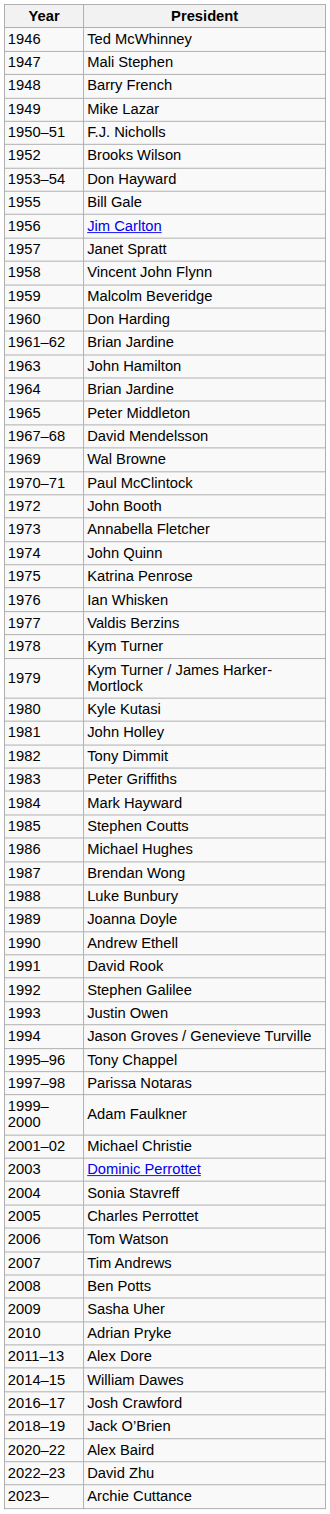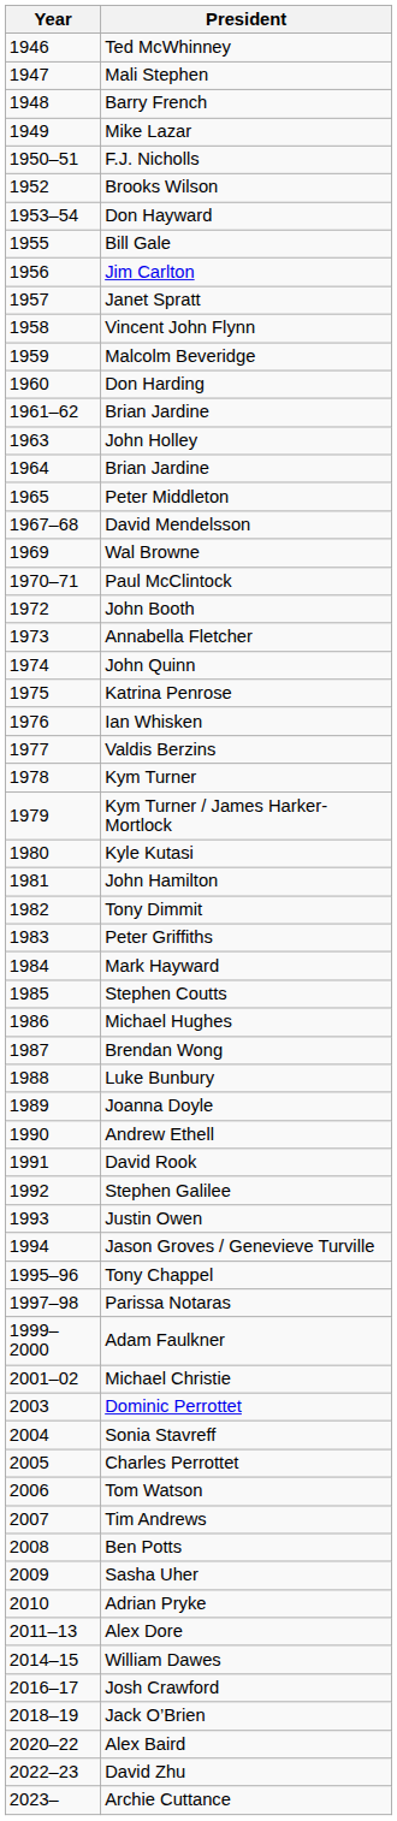 <table class="wikitable collapsible" width=350px>
 <tr>
 <th>Year</th>
 <th>President</th>
 </tr>
 <tr>
 <td>1946</td>
 <td>Ted McWhinney</td>
 </tr>
 <tr>
 <td>1947</td>
 <td>Mali Stephen</td>
 </tr>
 <tr>
 <td>1948</td>
 <td>Barry French</td>
 </tr>
 <tr>
 <td>1949</td>
 <td>Mike Lazar</td>
 </tr>
 <tr>
 <td>1950–51</td>
 <td>F.J. Nicholls</td>
 </tr>
 <tr>
 <td>1952</td>
 <td>Brooks Wilson</td>
 </tr>
 <tr>
 <td>1953–54</td>
 <td>Don Hayward</td>
 </tr>
 <tr>
 <td>1955</td>
 <td>Bill Gale</td>
 </tr>
 <tr>
 <td>1956</td>
 <td><a href='#'>Jim Carlton</a></td>
 </tr>
 <tr>
 <td>1957</td>
 <td>Janet Spratt</td>
 </tr>
 <tr>
 <td>1958</td>
 <td>Vincent John Flynn</td>
 </tr>
 <tr>
 <td>1959</td>
 <td>Malcolm Beveridge</td>
 </tr>
 <tr>
 <td>1960</td>
 <td>Don Harding</td>
 </tr>
 <tr>
 <td>1961–62</td>
 <td>Brian Jardine</td>
 </tr>
 <tr>
 <td>1963</td>
-<td>John Hamilton</td>
+<td>John Holley</td>
 </tr>
 <tr>
 <td>1964</td>
 <td>Brian Jardine</td>
 </tr>
 <tr>
 <td>1965</td>
 <td>Peter Middleton</td>
 </tr>
 <tr>
 <td>1967–68</td>
 <td>David Mendelsson</td>
 </tr>
 <tr>
 <td>1969</td>
 <td>Wal Browne</td>
 </tr>
 <tr>
 <td>1970–71</td>
 <td>Paul McClintock</td>
 </tr>
 <tr>
 <td>1972</td>
 <td>John Booth</td>
 </tr>
 <tr>
 <td>1973</td>
 <td>Annabella Fletcher</td>
 </tr>
 <tr>
 <td>1974</td>
 <td>John Quinn</td>
 </tr>
 <tr>
 <td>1975</td>
 <td>Katrina Penrose</td>
 </tr>
 <tr>
 <td>1976</td>
 <td>Ian Whisken</td>
 </tr>
 <tr>
 <td>1977</td>
 <td>Valdis Berzins</td>
 </tr>
 <tr>
 <td>1978</td>
 <td>Kym Turner</td>
 </tr>
 <tr>
 <td>1979</td>
 <td>Kym Turner / James Harker-Mortlock</td>
 </tr>
 <tr>
 <td>1980</td>
 <td>Kyle Kutasi</td>
 </tr>
 <tr>
 <td>1981</td>
-<td>John Holley</td>
+<td>John Hamilton</td>
 </tr>
 <tr>
 <td>1982</td>
 <td>Tony Dimmit</td>
 </tr>
 <tr>
 <td>1983</td>
 <td>Peter Griffiths</td>
 </tr>
 <tr>
 <td>1984</td>
 <td>Mark Hayward</td>
 </tr>
 <tr>
 <td>1985</td>
 <td>Stephen Coutts</td>
 </tr>
 <tr>
 <td>1986</td>
 <td>Michael Hughes</td>
 </tr>
 <tr>
 <td>1987</td>
 <td>Brendan Wong</td>
 </tr>
 <tr>
 <td>1988</td>
 <td>Luke Bunbury</td>
 </tr>
 <tr>
 <td>1989</td>
 <td>Joanna Doyle</td>
 </tr>
 <tr>
 <td>1990</td>
 <td>Andrew Ethell</td>
 </tr>
 <tr>
 <td>1991</td>
 <td>David Rook</td>
 </tr>
 <tr>
 <td>1992</td>
 <td>Stephen Galilee</td>
 </tr>
 <tr>
 <td>1993</td>
 <td>Justin Owen</td>
 </tr>
 <tr>
 <td>1994</td>
 <td>Jason Groves / Genevieve Turville</td>
 </tr>
 <tr>
 <td>1995–96</td>
 <td>Tony Chappel</td>
 </tr>
 <tr>
 <td>1997–98</td>
 <td>Parissa Notaras</td>
 </tr>
 <tr>
 <td>1999–2000</td>
 <td>Adam Faulkner</td>
 </tr>
 <tr>
 <td>2001–02</td>
 <td>Michael Christie</td>
 </tr>
 <tr>
 <td>2003</td>
 <td><a href='#'>Dominic Perrottet</a></td>
 </tr>
 <tr>
 <td>2004</td>
 <td>Sonia Stavreff</td>
 </tr>
 <tr>
 <td>2005</td>
 <td>Charles Perrottet</td>
 </tr>
 <tr>
 <td>2006</td>
 <td>Tom Watson</td>
 </tr>
 <tr>
 <td>2007</td>
 <td>Tim Andrews</td>
 </tr>
 <tr>
 <td>2008</td>
 <td>Ben Potts</td>
 </tr>
 <tr>
 <td>2009</td>
 <td>Sasha Uher</td>
 </tr>
 <tr>
 <td>2010</td>
 <td>Adrian Pryke</td>
 </tr>
 <tr>
 <td>2011–13</td>
 <td>Alex Dore</td>
 </tr>
 <tr>
 <td>2014–15</td>
 <td>William Dawes</td>
 </tr>
 <tr>
 <td>2016–17</td>
 <td>Josh Crawford</td>
 </tr>
 <tr>
 <td>2018–19</td>
 <td>Jack O’Brien</td>
 </tr>
 <tr>
 <td>2020–22</td>
 <td>Alex Baird</td>
 </tr>
 <tr>
 <td>2022–23</td>
 <td>David Zhu</td>
 </tr>
 <tr>
 <td>2023–</td>
 <td>Archie Cuttance</td>
 </tr>
 </table>
